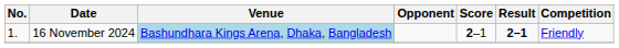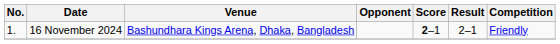 <table class="wikitable" style="font-size:100%;">
 <tr>
 <th>No.</th>
 <th>Date</th>
 <th>Venue</th>
 <th>Opponent</th>
 <th>Score</th>
 <th>Result</th>
 <th>Competition</th>
 </tr>
 <tr>
 <td>1.</td>
 <td>16 November 2024</td>
-<td style="background: lightblue;"><a href='#'>Bashundhara Kings Arena</a>, <a href='#'>Dhaka</a>, <a href='#'>Bangladesh</a></td>
+<td><a href='#'>Bashundhara Kings Arena</a>, <a href='#'>Dhaka</a>, <a href='#'>Bangladesh</a></td>
 <td></td>
 <td align=center><strong>2</strong>–1</td>
-<td align=center><strong>2–1</strong></td>
+<td align=center>2–1</td>
 <td><a href='#'>Friendly</a></td>
 </tr>
 <tr>
 </tr>
 </table>
